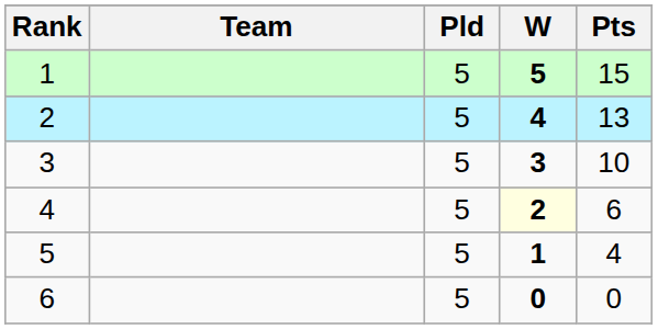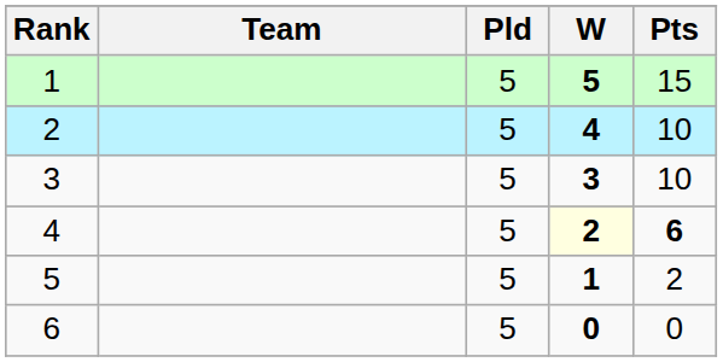 <table class="wikitable">
 <tr>
 </tr>
 <tr>
 <th style="width:35px">Rank</th>
 <th style="width:180px">Team</th>
 <th style="width:35px">Pld</th>
 <th style="width:35px">W</th>
 <th style="width:35px">Pts</th>
 </tr>
 <tr bgcolor=#ccffcc>
 <td align=center>1</td>
 <td></td>
 <td align=center>5</td>
 <td align=center><strong>5</strong></td>
 <td align=center>15</td>
 </tr>
 <tr bgcolor=#bbf3ff>
 <td align=center>2</td>
 <td></td>
 <td align=center>5</td>
 <td align=center><strong>4</strong></td>
-<td align=center>13</td>
+<td align=center>10</td>
 </tr>
 <tr>
 <td align=center>3</td>
 <td></td>
 <td align=center>5</td>
 <td align=center><strong>3</strong></td>
 <td align=center>10</td>
 </tr>
 <tr>
 <td align=center>4</td>
 <td></td>
 <td align=center>5</td>
 <td align=center style="background: lightyellow;"><strong>2</strong></td>
-<td align=center>6</td>
+<td align=center><strong>6</strong></td>
 </tr>
 <tr>
 <td align=center>5</td>
 <td></td>
 <td align=center>5</td>
 <td align=center><strong>1</strong></td>
-<td align=center>4</td>
+<td align=center>2</td>
 </tr>
 <tr>
 <td align=center>6</td>
 <td></td>
 <td align=center>5</td>
 <td align=center><strong>0</strong></td>
 <td align=center>0</td>
 </tr>
 </table>
